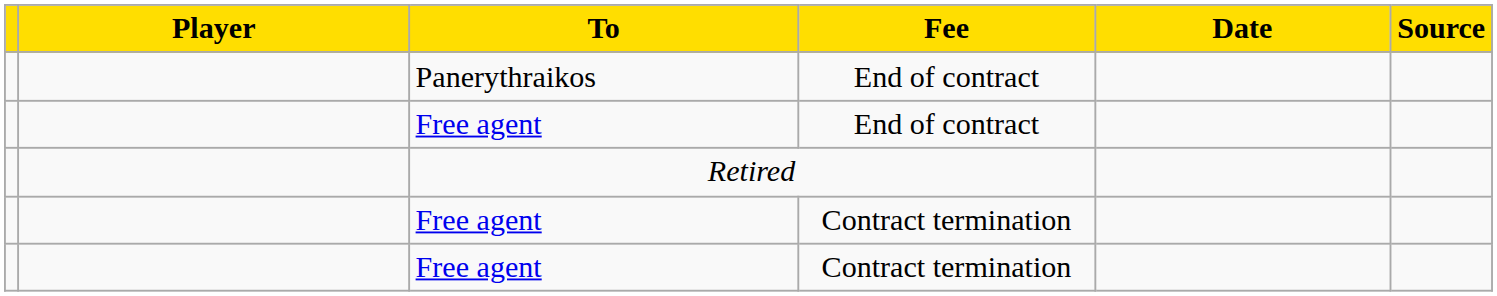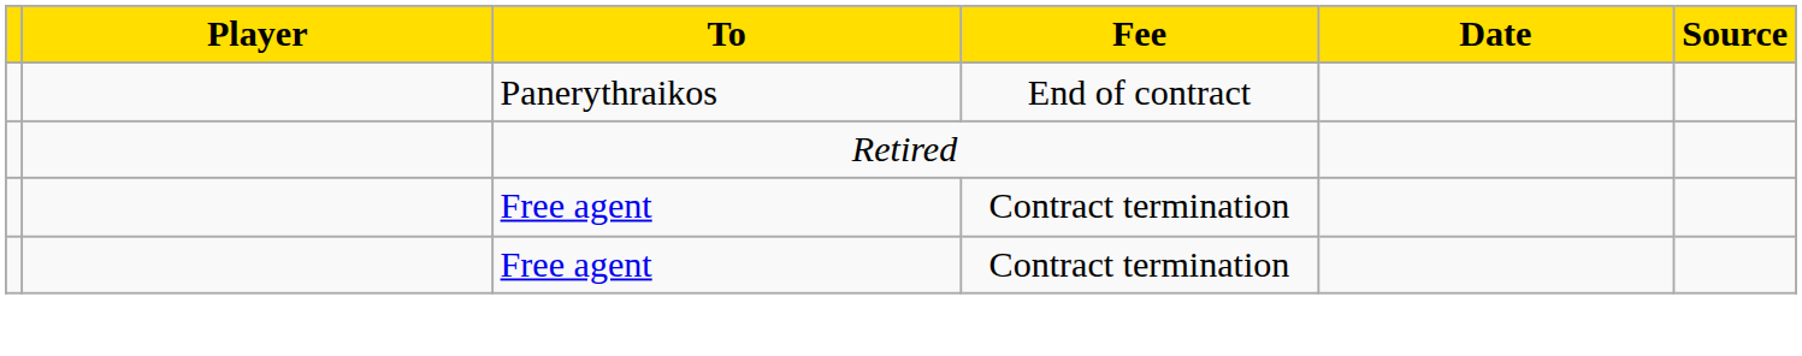 <table class="wikitable sortable">
 <tr>
 <th style="background:#FFDE00"></th>
 <th width=200 style="background:#FFDE00">Player</th>
 <th width=200 style="background:#FFDE00">To</th>
 <th width=150 style="background:#FFDE00">Fee</th>
 <th width=150 style="background:#FFDE00">Date</th>
 <th style="background:#FFDE00">Source</th>
 </tr>
 <tr>
 <td align=center></td>
 <td></td>
 <td> Panerythraikos</td>
-<td align=center>End of contract</td>
-<td align=center></td>
-<td align=center></td>
-</tr>
-<tr>
-<td align=center></td>
-<td></td>
-<td><a href='#'>Free agent</a></td>
 <td align=center>End of contract</td>
 <td align=center></td>
 <td align=center></td>
 </tr>
 <tr>
 <td align=center></td>
 <td></td>
 <td align=center colspan=2><em>Retired</em></td>
 <td align=center></td>
 <td align=center></td>
 </tr>
 <tr>
 <td align=center></td>
 <td></td>
 <td><a href='#'>Free agent</a></td>
 <td align=center>Contract termination</td>
 <td align=center></td>
 <td align=center></td>
 </tr>
 <tr>
 <td align=center></td>
 <td></td>
 <td><a href='#'>Free agent</a></td>
 <td align=center>Contract termination</td>
 <td align=center></td>
 <td align=center></td>
 </tr>
 </table>
